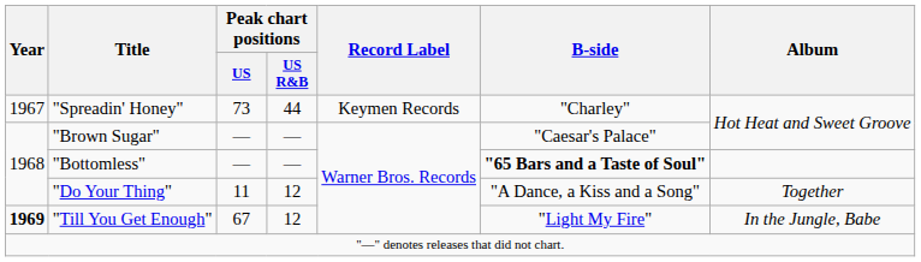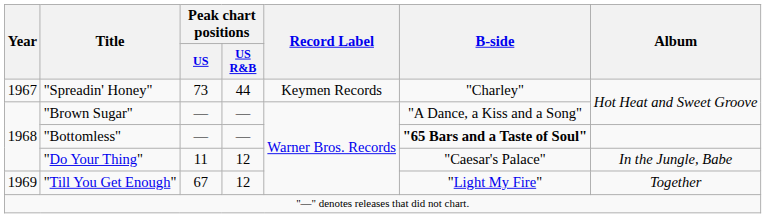 <table class="wikitable" style=text-align:center;>
 <tr>
 <th rowspan="2">Year</th>
 <th rowspan="2">Title</th>
 <th colspan="2">Peak chart<br>positions</th>
 <th rowspan="2"><a href='#'>Record Label</a></th>
 <th rowspan="2"><a href='#'>B-side</a></th>
 <th rowspan="2">Album</th>
 </tr>
 <tr style="font-size:smaller;">
 <th width=40 align=centre><a href='#'>US</a><br></th>
 <th width=40 align=centre><a href='#'>US<br>R&B</a><br></th>
 </tr>
 <tr>
 <td rowspan="1">1967</td>
 <td align=left>"Spreadin' Honey"</td>
 <td>73</td>
 <td>44</td>
 <td rowspan="1">Keymen Records</td>
 <td>"Charley"</td>
 <td rowspan="2"><em>Hot Heat and Sweet Groove</em></td>
 </tr>
 <tr>
 <td rowspan="3">1968</td>
 <td align=left>"Brown Sugar"</td>
 <td>—</td>
 <td>—</td>
 <td rowspan="4"><a href='#'>Warner Bros. Records</a></td>
-<td>"Caesar's Palace"</td>
+<td>"A Dance, a Kiss and a Song"</td>
 </tr>
 <tr>
 <td align=left>"Bottomless"</td>
 <td>—</td>
 <td>—</td>
 <td><strong>"65 Bars and a Taste of Soul"</strong></td>
 <td rowspan="1"></td>
 </tr>
 <tr>
 <td align=left>"<a href='#'>Do Your Thing</a>"</td>
 <td>11</td>
 <td>12</td>
-<td>"A Dance, a Kiss and a Song"</td>
-<td rowspan="1"><em>Together</em></td>
+<td>"Caesar's Palace"</td>
+<td rowspan="1"><em>In the Jungle, Babe</em></td>
 </tr>
 <tr>
-<td rowspan="1"><strong>1969</strong></td>
+<td rowspan="1">1969</td>
 <td align=left>"<a href='#'>Till You Get Enough</a>"</td>
 <td>67</td>
 <td>12</td>
 <td>"<a href='#'>Light My Fire</a>"</td>
-<td rowspan="1"><em>In the Jungle, Babe</em></td>
+<td rowspan="1"><em>Together</em></td>
 </tr>
 <tr>
 <td colspan="7" style="text-align:center; font-size:9pt;">"—" denotes releases that did not chart.</td>
 </tr>
 </table>
